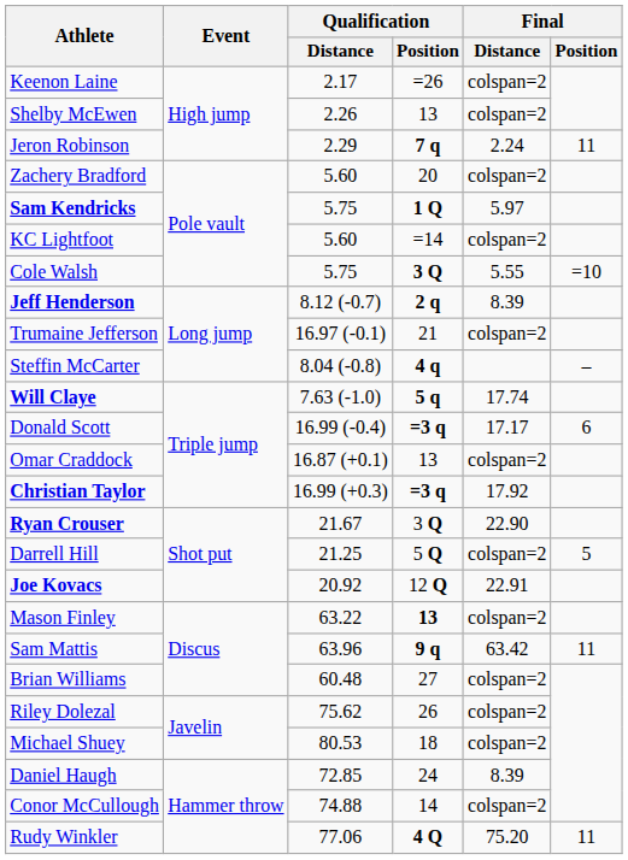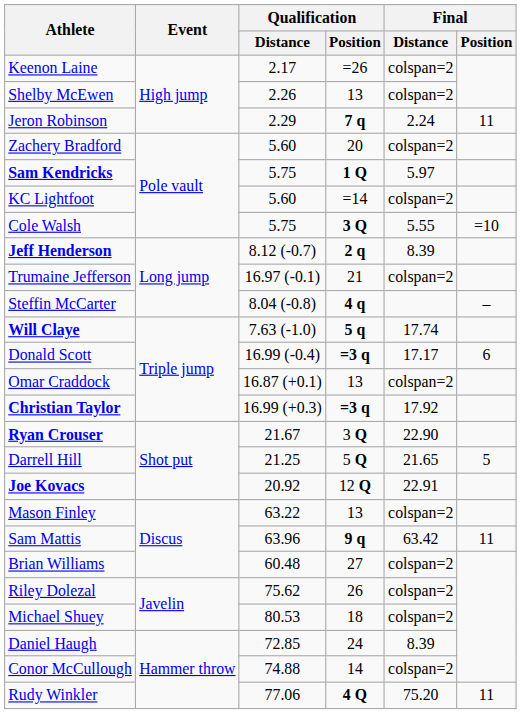 <table class=wikitable style=font-size:90%>
 <tr>
 <th rowspan=2>Athlete</th>
 <th rowspan=2>Event</th>
 <th colspan=2>Qualification</th>
 <th colspan=2>Final</th>
 </tr>
 <tr style=font-size:95%>
 <th>Distance</th>
 <th>Position</th>
 <th>Distance</th>
 <th>Position</th>
 </tr>
 <tr align=center>
 <td align=left><a href='#'>Keenon Laine</a></td>
 <td align=left rowspan=3><a href='#'>High jump</a></td>
 <td>2.17</td>
 <td>=26</td>
 <td>colspan=2 </td>
 </tr>
 <tr align=center>
 <td align=left><a href='#'>Shelby McEwen</a></td>
 <td>2.26</td>
 <td>13</td>
 <td>colspan=2 </td>
 </tr>
 <tr align=center>
 <td align=left><a href='#'>Jeron Robinson</a></td>
 <td>2.29</td>
 <td><strong>7 q</strong></td>
 <td>2.24</td>
 <td>11</td>
 </tr>
 <tr align=center>
 <td align=left><a href='#'>Zachery Bradford</a></td>
 <td align=left rowspan=4><a href='#'>Pole vault</a></td>
 <td>5.60</td>
 <td>20</td>
 <td>colspan=2 </td>
 </tr>
 <tr align=center>
 <td align=left><strong><a href='#'>Sam Kendricks</a></strong></td>
 <td>5.75</td>
 <td><strong>1 Q</strong></td>
 <td>5.97</td>
 <td></td>
 </tr>
 <tr align=center>
 <td align=left><a href='#'>KC Lightfoot</a></td>
 <td>5.60</td>
 <td>=14</td>
 <td>colspan=2 </td>
 </tr>
 <tr align=center>
 <td align=left><a href='#'>Cole Walsh</a></td>
 <td>5.75</td>
 <td><strong>3 Q</strong></td>
 <td>5.55</td>
 <td>=10</td>
 </tr>
 <tr align=center>
 <td align=left><strong><a href='#'>Jeff Henderson</a></strong></td>
 <td align=left rowspan=3><a href='#'>Long jump</a></td>
 <td>8.12 (-0.7)</td>
 <td><strong>2 q</strong></td>
 <td>8.39 </td>
 <td></td>
 </tr>
 <tr align=center>
 <td align=left><a href='#'>Trumaine Jefferson</a></td>
 <td>16.97 (-0.1)</td>
 <td>21</td>
 <td>colspan=2 </td>
 </tr>
 <tr align=center>
 <td align=left><a href='#'>Steffin McCarter</a></td>
 <td>8.04 (-0.8)</td>
 <td><strong>4 q</strong></td>
 <td></td>
 <td>–</td>
 </tr>
 <tr align=center>
 <td align=left><strong><a href='#'>Will Claye</a></strong></td>
 <td align=left rowspan=4><a href='#'>Triple jump</a></td>
 <td>7.63 (-1.0)</td>
 <td><strong>5 q</strong></td>
 <td>17.74</td>
 <td></td>
 </tr>
 <tr align=center>
 <td align=left><a href='#'>Donald Scott</a></td>
 <td>16.99  (-0.4)</td>
 <td><strong>=3 q</strong></td>
 <td>17.17</td>
 <td>6</td>
 </tr>
 <tr align=center>
 <td align=left><a href='#'>Omar Craddock</a></td>
 <td>16.87 (+0.1)</td>
 <td>13</td>
 <td>colspan=2 </td>
 </tr>
 <tr align=center>
 <td align=left><strong><a href='#'>Christian Taylor</a></strong></td>
 <td>16.99 (+0.3)</td>
 <td><strong>=3 q</strong></td>
 <td>17.92</td>
 <td></td>
 </tr>
 <tr align=center>
 <td align=left><strong><a href='#'>Ryan Crouser</a></strong></td>
 <td align=left rowspan=3><a href='#'>Shot put</a></td>
 <td>21.67</td>
 <td>3 <strong>Q</strong></td>
 <td>22.90 </td>
 <td></td>
 </tr>
 <tr align=center>
 <td align=left><a href='#'>Darrell Hill</a></td>
 <td>21.25</td>
 <td>5 <strong>Q</strong></td>
-<td>colspan=2 </td>
+<td>21.65</td>
 <td>5</td>
 </tr>
 <tr align=center>
 <td align=left><strong><a href='#'>Joe Kovacs</a></strong></td>
 <td>20.92</td>
 <td>12 <strong>Q</strong></td>
 <td>22.91 <strong></strong></td>
 <td></td>
 </tr>
 <tr align=center>
 <td align=left><a href='#'>Mason Finley</a></td>
 <td align=left  rowspan=3><a href='#'>Discus</a></td>
 <td>63.22</td>
-<td><strong>13</strong></td>
+<td>13</td>
 <td>colspan=2 </td>
 </tr>
 <tr align=center>
 <td align=left><a href='#'>Sam Mattis</a></td>
 <td>63.96</td>
 <td><strong>9 q</strong></td>
 <td>63.42</td>
 <td>11</td>
 </tr>
 <tr align=center>
 <td align=left><a href='#'>Brian Williams</a></td>
 <td>60.48</td>
 <td>27</td>
 <td>colspan=2 </td>
 </tr>
 <tr align=center>
 <td align=left><a href='#'>Riley Dolezal</a></td>
 <td align=left  rowspan=2><a href='#'>Javelin</a></td>
 <td>75.62</td>
 <td>26</td>
 <td>colspan=2 </td>
 </tr>
 <tr align=center>
 <td align=left><a href='#'>Michael Shuey</a></td>
 <td>80.53</td>
 <td>18</td>
 <td>colspan=2 </td>
 </tr>
 <tr align=center>
 <td align=left><a href='#'>Daniel Haugh</a></td>
 <td align=left  rowspan=3><a href='#'>Hammer throw</a></td>
 <td>72.85</td>
 <td>24</td>
 <td>8.39 </td>
 </tr>
 <tr align=center>
 <td align=left><a href='#'>Conor McCullough</a></td>
 <td>74.88</td>
 <td>14</td>
 <td>colspan=2 </td>
 </tr>
 <tr align=center>
 <td align=left><a href='#'>Rudy Winkler</a></td>
 <td>77.06</td>
 <td><strong>4 Q</strong></td>
 <td>75.20</td>
 <td>11</td>
 </tr>
 </table>
